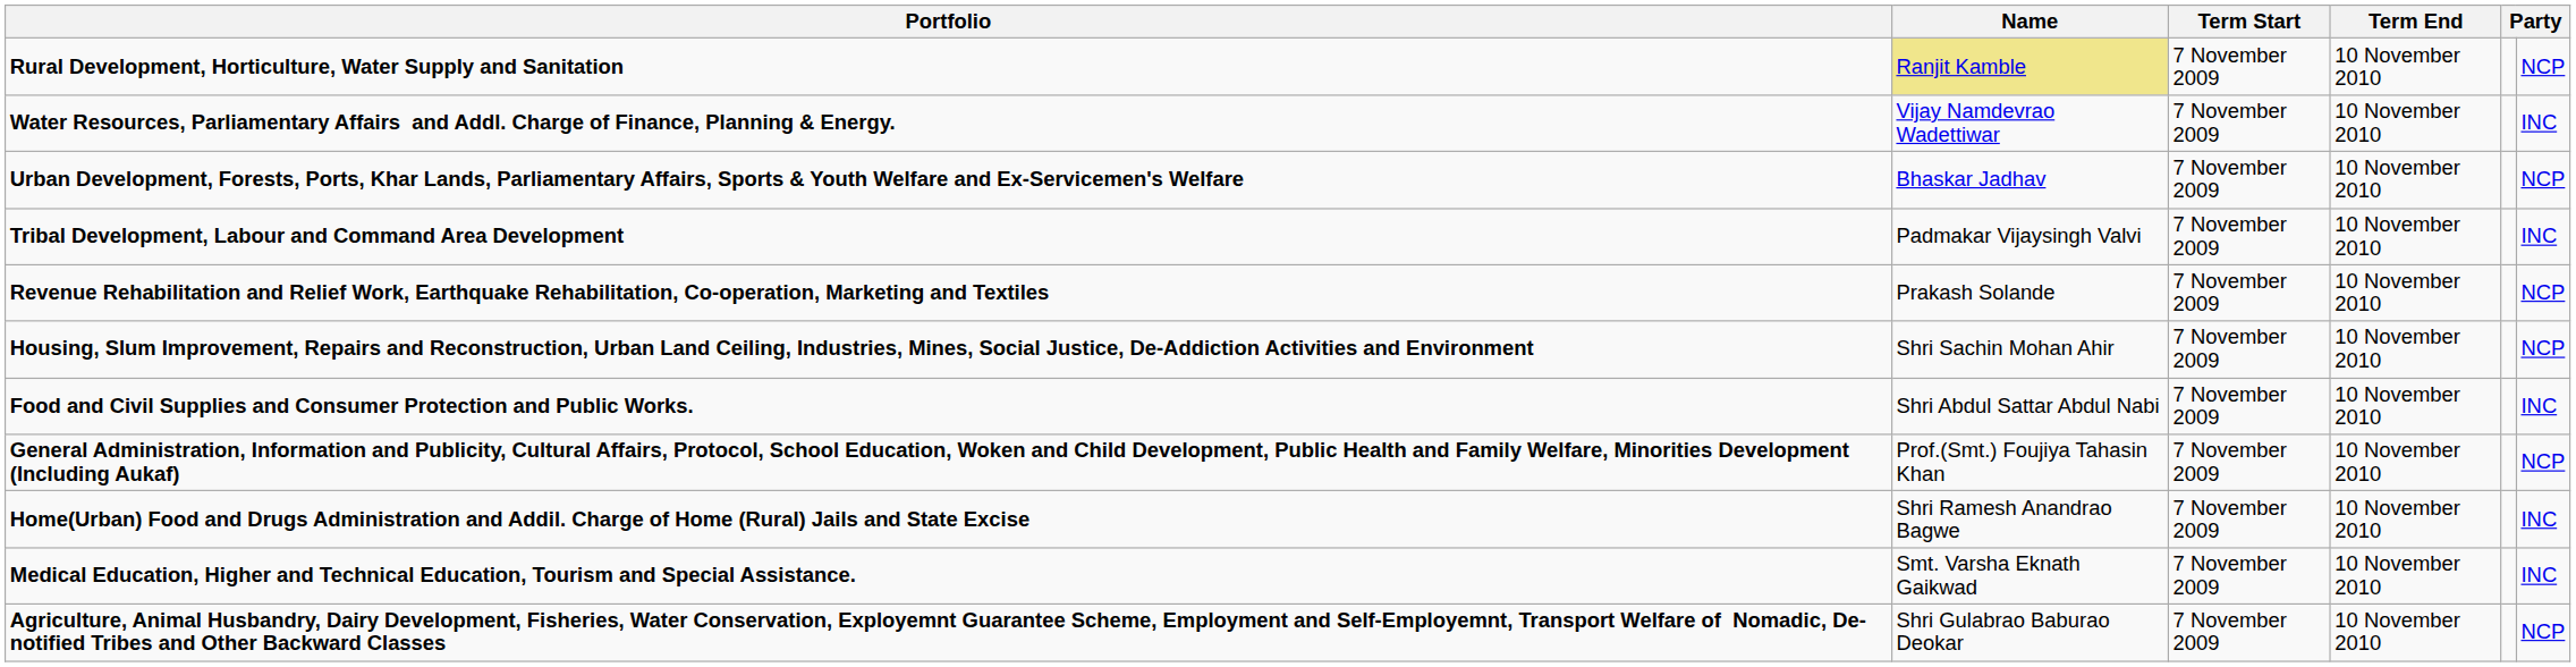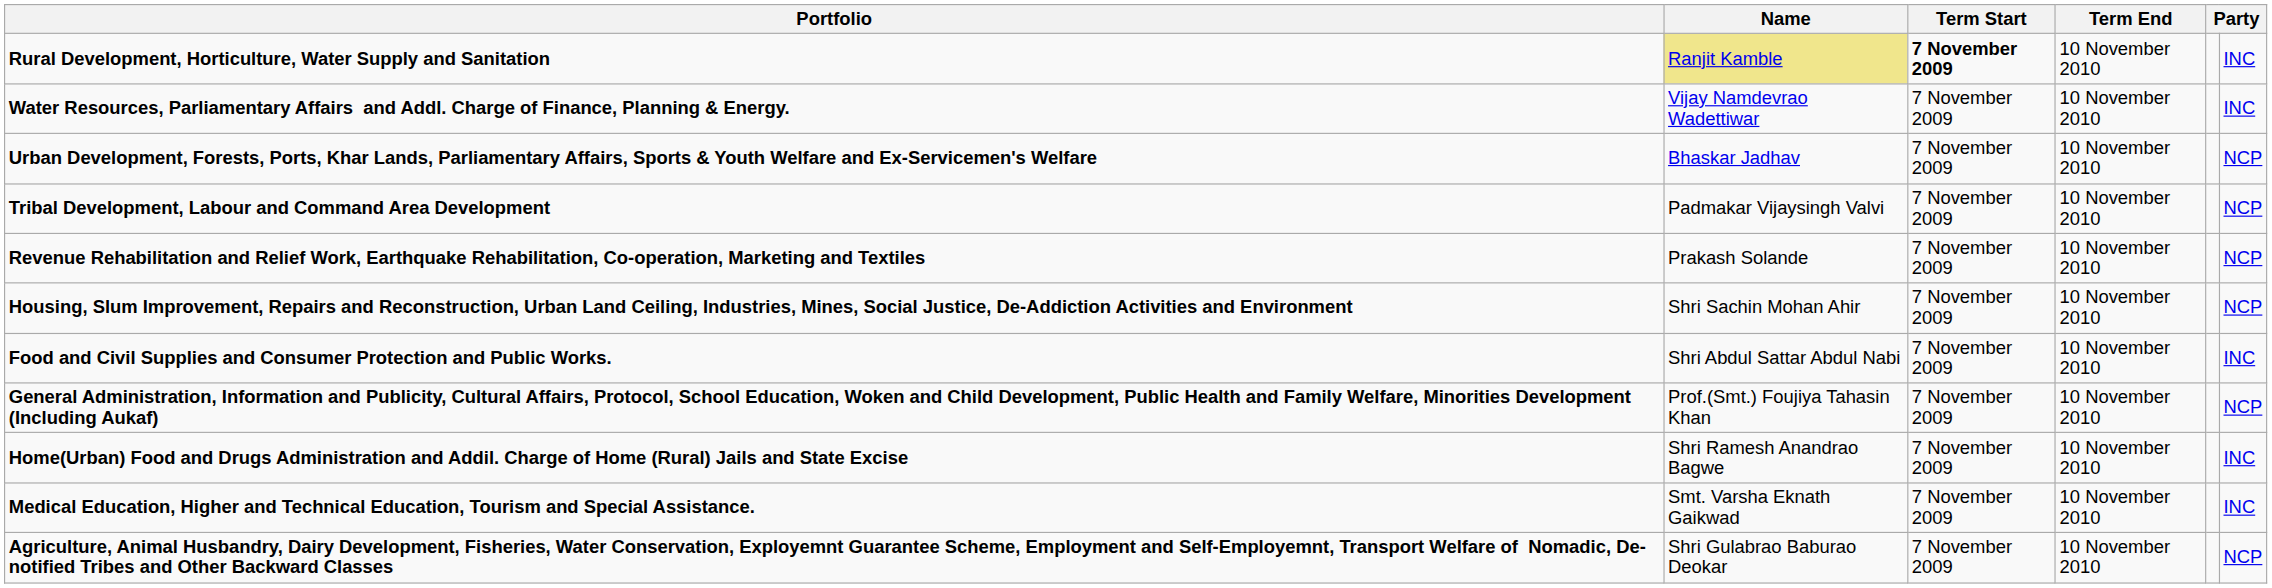 <table class="wikitable">
 <tr>
 <th>Portfolio</th>
 <th>Name</th>
 <th>Term Start</th>
 <th>Term End</th>
 <th colspan="2">Party</th>
 </tr>
 <tr>
 <td><strong>Rural Development, Horticulture, Water Supply and Sanitation</strong></td>
 <td style="background: khaki;"><a href='#'>Ranjit Kamble</a></td>
-<td>7 November 2009</td>
+<td><strong>7 November 2009</strong></td>
 <td>10 November 2010</td>
 <td width="4px"></td>
-<td><a href='#'>NCP</a></td>
+<td><a href='#'>INC</a></td>
 </tr>
 <tr>
 <td><strong>Water Resources, Parliamentary Affairs  and Addl. Charge of Finance, Planning & Energy.</strong></td>
 <td><a href='#'>Vijay Namdevrao Wadettiwar</a></td>
 <td>7 November 2009</td>
 <td>10 November 2010</td>
 <td width="4px"></td>
 <td><a href='#'>INC</a></td>
 </tr>
 <tr>
 <td><strong>Urban Development, Forests, Ports, Khar Lands, Parliamentary Affairs, Sports & Youth Welfare and Ex-Servicemen's Welfare</strong></td>
 <td><a href='#'>Bhaskar Jadhav</a></td>
 <td>7 November 2009</td>
 <td>10 November 2010</td>
 <td width="4px"></td>
 <td><a href='#'>NCP</a></td>
 </tr>
 <tr>
 <td><strong>Tribal Development, Labour and Command Area Development</strong></td>
 <td>Padmakar Vijaysingh Valvi</td>
 <td>7 November 2009</td>
 <td>10 November 2010</td>
 <td width="4px"></td>
-<td><a href='#'>INC</a></td>
+<td><a href='#'>NCP</a></td>
 </tr>
 <tr>
 <td><strong>Revenue Rehabilitation and Relief Work, Earthquake Rehabilitation, Co-operation, Marketing and Textiles</strong></td>
 <td>Prakash Solande</td>
 <td>7 November 2009</td>
 <td>10 November 2010</td>
 <td width="4px"></td>
 <td><a href='#'>NCP</a></td>
 </tr>
 <tr>
 <td><strong>Housing, Slum Improvement, Repairs and Reconstruction, Urban Land Ceiling, Industries, Mines, Social Justice, De-Addiction Activities and Environment</strong></td>
 <td>Shri Sachin Mohan Ahir</td>
 <td>7 November 2009</td>
 <td>10 November 2010</td>
 <td width="4px"></td>
 <td><a href='#'>NCP</a></td>
 </tr>
 <tr>
 <td><strong>Food and Civil Supplies and Consumer Protection and Public Works.</strong></td>
 <td>Shri Abdul Sattar Abdul Nabi</td>
 <td>7 November 2009</td>
 <td>10 November 2010</td>
 <td width="4px"></td>
 <td><a href='#'>INC</a></td>
 </tr>
 <tr>
 <td><strong>General Administration, Information and Publicity, Cultural Affairs, Protocol, School Education, Woken and Child Development, Public Health and Family Welfare, Minorities Development (Including Aukaf)</strong></td>
 <td>Prof.(Smt.) Foujiya Tahasin Khan</td>
 <td>7 November 2009</td>
 <td>10 November 2010</td>
 <td width="4px"></td>
 <td><a href='#'>NCP</a></td>
 </tr>
 <tr>
 <td><strong>Home(Urban) Food and Drugs Administration and Addil. Charge of Home (Rural) Jails and State Excise</strong></td>
 <td>Shri Ramesh Anandrao Bagwe</td>
 <td>7 November 2009</td>
 <td>10 November 2010</td>
 <td width="4px"></td>
 <td><a href='#'>INC</a></td>
 </tr>
 <tr>
 <td><strong>Medical Education, Higher and Technical Education, Tourism and Special Assistance.</strong></td>
 <td>Smt. Varsha Eknath Gaikwad</td>
 <td>7 November 2009</td>
 <td>10 November 2010</td>
 <td width="4px"></td>
 <td><a href='#'>INC</a></td>
 </tr>
 <tr>
 <td><strong>Agriculture, Animal Husbandry, Dairy Development, Fisheries, Water Conservation, Exployemnt Guarantee Scheme, Employment and Self-Employemnt, Transport Welfare of  Nomadic, De-notified Tribes and Other Backward Classes</strong></td>
 <td>Shri Gulabrao Baburao Deokar</td>
 <td>7 November 2009</td>
 <td>10 November 2010</td>
 <td width="4px"></td>
 <td><a href='#'>NCP</a></td>
 </tr>
 </table>
